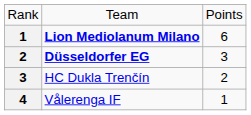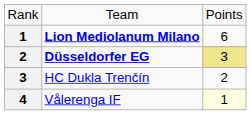 <table class="wikitable" style="text-align: center;">
 <tr>
 <td>Rank</td>
 <td>Team</td>
 <td>Points</td>
 </tr>
 <tr>
 <th>1</th>
 <td style="text-align: left;"> <strong><a href='#'>Lion Mediolanum Milano</a></strong></td>
 <td>6</td>
 </tr>
 <tr>
 <th>2</th>
 <td style="text-align: left;"> <strong><a href='#'>Düsseldorfer EG</a></strong></td>
-<td>3</td>
+<td style="background: khaki;">3</td>
 </tr>
 <tr>
 <th>3</th>
 <td style="text-align: left;"> <a href='#'>HC Dukla Trenčín</a></td>
 <td>2</td>
 </tr>
 <tr>
 <th>4</th>
 <td style="text-align: left;"> <a href='#'>Vålerenga IF</a></td>
-<td>1</td>
+<td style="background: lightyellow;">1</td>
 </tr>
 </table>
